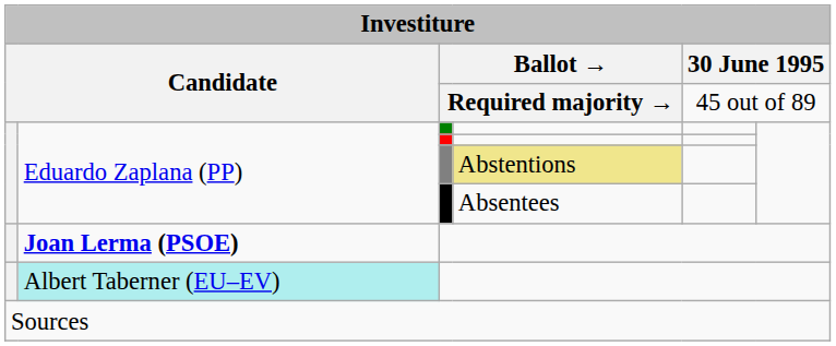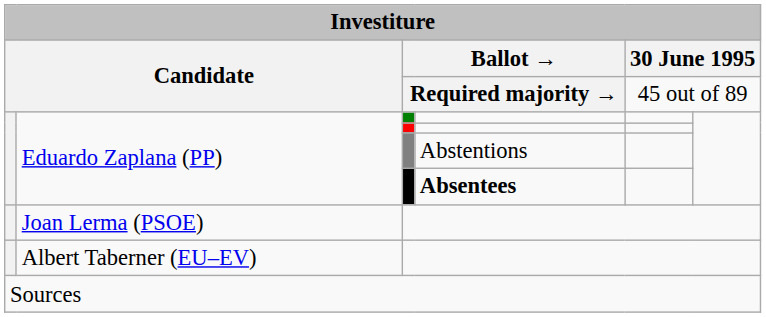 <table class="wikitable" style="text-align:center;">
 <tr>
 <td colspan="6" align="center" bgcolor="#C0C0C0"><strong>Investiture</strong></td>
 </tr>
 <tr>
 <th colspan="2" rowspan="2" width="275px">Candidate</th>
 <th colspan="2" width="150px">Ballot →</th>
 <th colspan="2">30 June 1995</th>
 </tr>
 <tr>
 <th colspan="2">Required majority →</th>
 <td colspan="2">45 out of 89</td>
 </tr>
 <tr>
 <th width="1px" rowspan="4" style="background:"></th>
 <td rowspan="4" align="left"><a href='#'>Eduardo Zaplana</a> (<a href='#'>PP</a>)</td>
 <th width="1px" style="background:green;"></th>
 <td align="left"></td>
 <td></td>
 <td rowspan="4"></td>
 </tr>
 <tr>
 <th style="color:inherit;background:red;"></th>
 <td align="left"></td>
 <td></td>
 </tr>
 <tr>
 <th style="color:inherit;background:gray;"></th>
-<td align="left" style="background: khaki;"><span>Abstentions</span></td>
+<td align="left"><span>Abstentions</span></td>
 <td></td>
 </tr>
 <tr>
 <th style="color:inherit;background:black;"></th>
-<td align="left"><span>Absentees</span></td>
+<td align="left"><strong><span>Absentees</span></strong></td>
 <td></td>
 </tr>
 <tr>
 <th style="color:inherit;background:"></th>
-<td align="left"><strong><a href='#'>Joan Lerma</a> (<a href='#'>PSOE</a>)</strong></td>
+<td align="left"><a href='#'>Joan Lerma</a> (<a href='#'>PSOE</a>)</td>
 <td colspan="4"><em></em></td>
 </tr>
 <tr>
 <th style="color:inherit;background:"></th>
-<td align="left" style="background: paleturquoise;">Albert Taberner (<a href='#'>EU–EV</a>)</td>
+<td align="left">Albert Taberner (<a href='#'>EU–EV</a>)</td>
 <td colspan="4"><em></em></td>
 </tr>
 <tr>
 <td align="left" colspan="6">Sources</td>
 </tr>
 </table>
